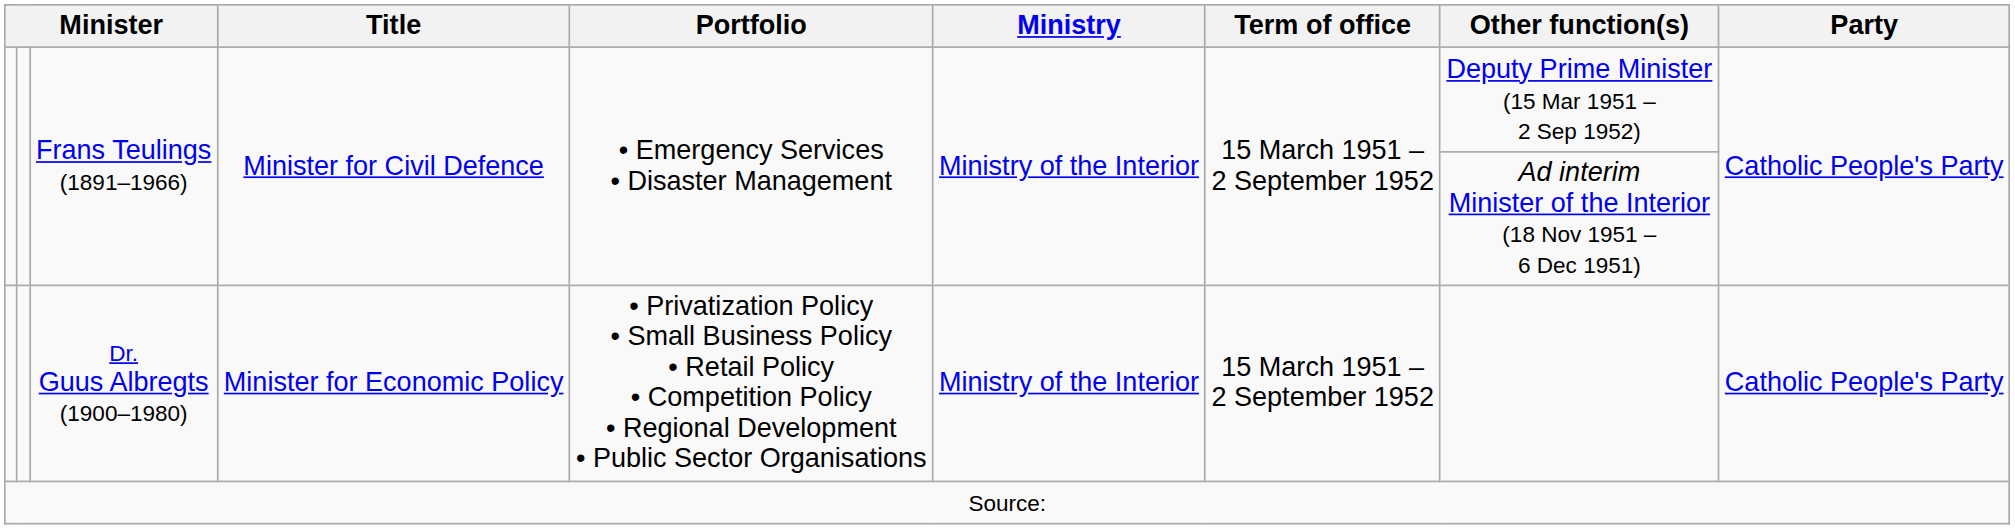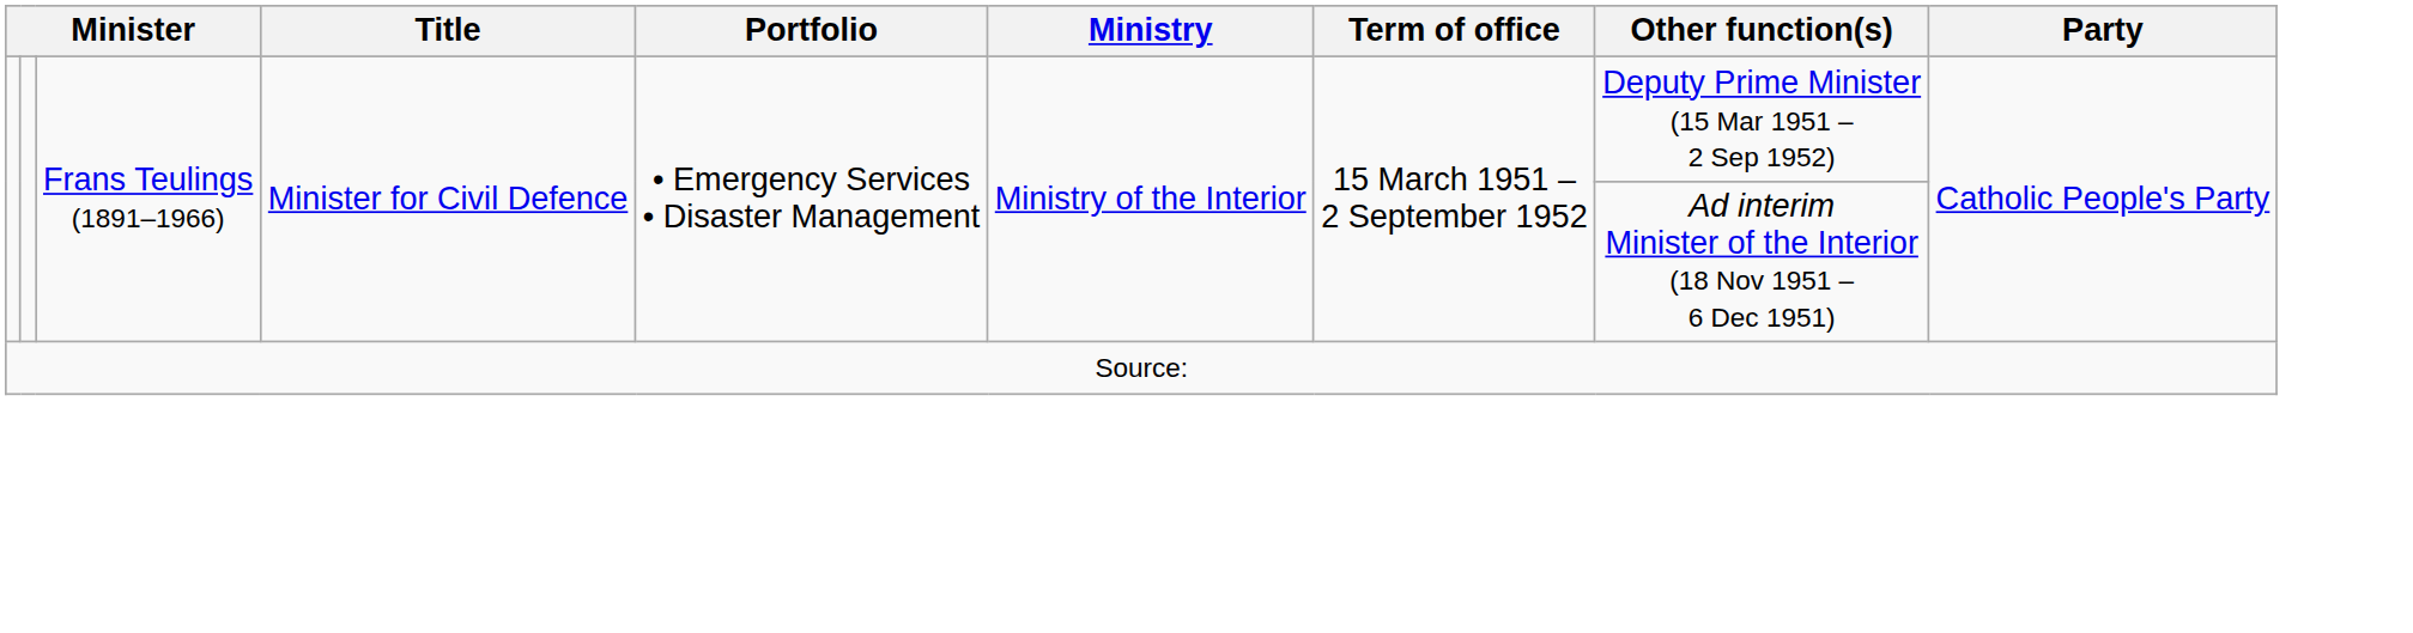 <table class="wikitable" style="text-align:center">
 <tr>
 <th colspan=3>Minister</th>
 <th>Title</th>
 <th>Portfolio</th>
 <th><a href='#'>Ministry</a></th>
 <th>Term of office</th>
 <th>Other function(s)</th>
 <th>Party</th>
 </tr>
 <tr>
 <td rowspan=2 style="background:"></td>
 <td rowspan=2></td>
 <td rowspan=2><a href='#'>Frans Teulings</a> <br> <small>(1891–1966)</small></td>
 <td rowspan=2><a href='#'>Minister for Civil Defence</a></td>
 <td rowspan=2>• Emergency Services <br> • Disaster Management</td>
 <td rowspan=2><a href='#'>Ministry of the Interior</a></td>
 <td rowspan=2>15 March 1951 – <br> 2 September 1952</td>
 <td><a href='#'>Deputy Prime Minister</a> <br> <small>(15 Mar 1951 – <br> 2 Sep 1952)</small></td>
 <td rowspan=2><a href='#'>Catholic People's Party</a></td>
 </tr>
 <tr>
 <td><em>Ad interim</em> <br> <a href='#'>Minister of the Interior</a> <br> <small>(18 Nov 1951 – <br> 6 Dec 1951)</small></td>
 </tr>
 <tr>
-<td style="background:"></td>
-<td></td>
-<td><small><a href='#'>Dr.</a></small> <br> <a href='#'>Guus Albregts</a> <br> <small>(1900–1980)</small></td>
-<td><a href='#'>Minister for Economic Policy</a></td>
-<td>• Privatization Policy <br> • Small Business Policy <br> • Retail Policy <br> • Competition Policy <br> • Regional Development <br> • Public Sector Organisations</td>
-<td><a href='#'>Ministry of the Interior</a></td>
-<td>15 March 1951 – <br> 2 September 1952</td>
-<td></td>
-<td><a href='#'>Catholic People's Party</a></td>
-</tr>
-<tr>
 <td colspan=9><small>Source:</small></td>
 </tr>
 </table>
